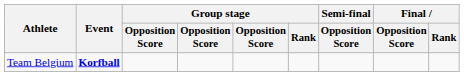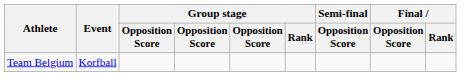 <table class="wikitable" style="font-size:90%">
 <tr>
 <th rowspan=2>Athlete</th>
 <th rowspan=2>Event</th>
 <th colspan=4>Group stage</th>
 <th>Semi-final</th>
 <th colspan=2>Final / </th>
 </tr>
 <tr style="font-size:95%">
 <th>Opposition<br>Score</th>
 <th>Opposition<br>Score</th>
 <th>Opposition<br>Score</th>
 <th>Rank</th>
 <th>Opposition<br>Score</th>
 <th>Opposition<br>Score</th>
 <th>Rank</th>
 </tr>
 <tr align=center>
 <td align=left><a href='#'>Team Belgium</a></td>
-<td align=left><strong><a href='#'>Korfball</a></strong></td>
+<td align=left><a href='#'>Korfball</a></td>
 <td></td>
 <td></td>
 <td></td>
 <td></td>
 <td></td>
 <td></td>
 <td></td>
 </tr>
 </table>
